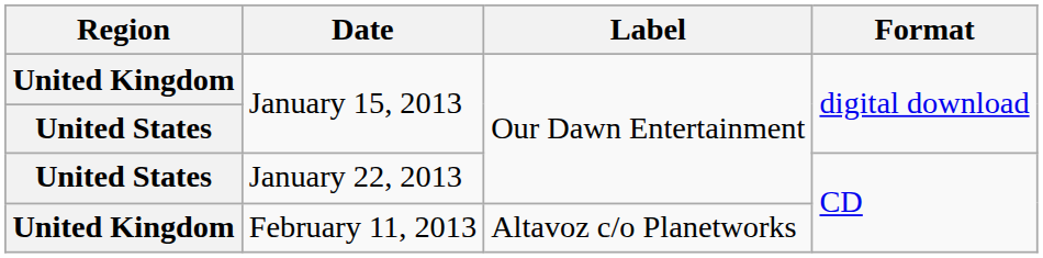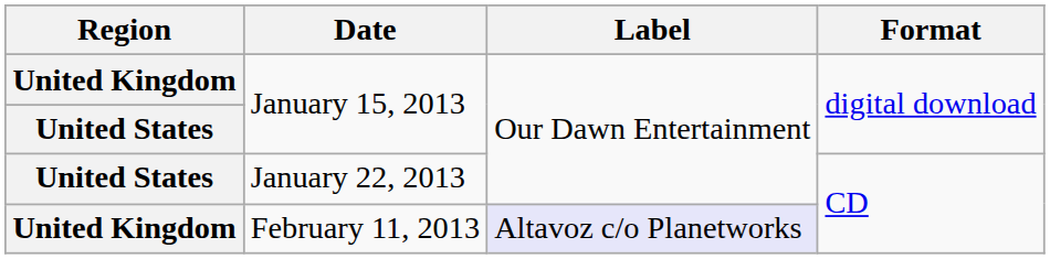 <table class="wikitable sortable plainrowheaders">
 <tr>
 <th>Region</th>
 <th>Date</th>
 <th>Label</th>
 <th>Format</th>
 </tr>
 <tr>
 <th scope="row">United Kingdom</th>
 <td rowspan="2">January 15, 2013</td>
 <td rowspan="3">Our Dawn Entertainment</td>
 <td rowspan="2"><a href='#'>digital download</a></td>
 </tr>
 <tr>
 <th scope="row">United States</th>
 </tr>
 <tr>
 <th scope="row">United States</th>
 <td>January 22, 2013</td>
 <td rowspan="2"><a href='#'>CD</a></td>
 </tr>
 <tr>
 <th scope="row">United Kingdom</th>
 <td>February 11, 2013</td>
-<td>Altavoz c/o Planetworks</td>
+<td style="background: lavender;">Altavoz c/o Planetworks</td>
 </tr>
 </table>
